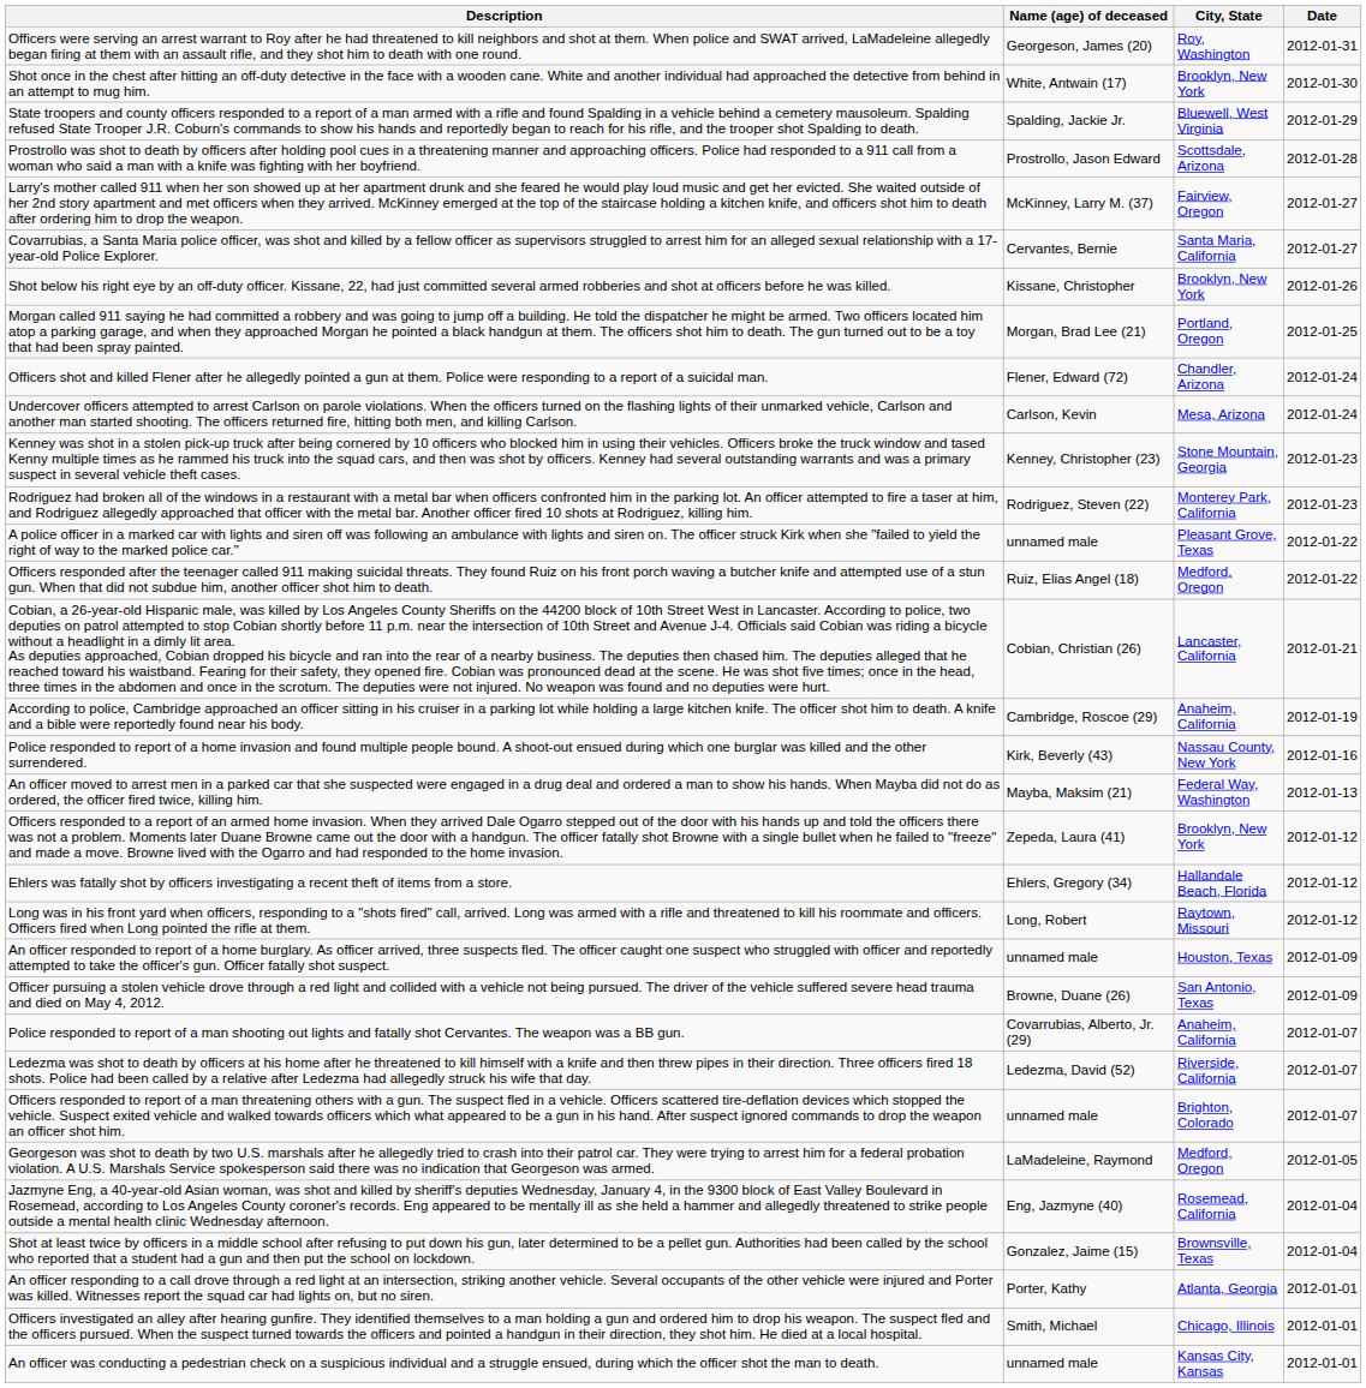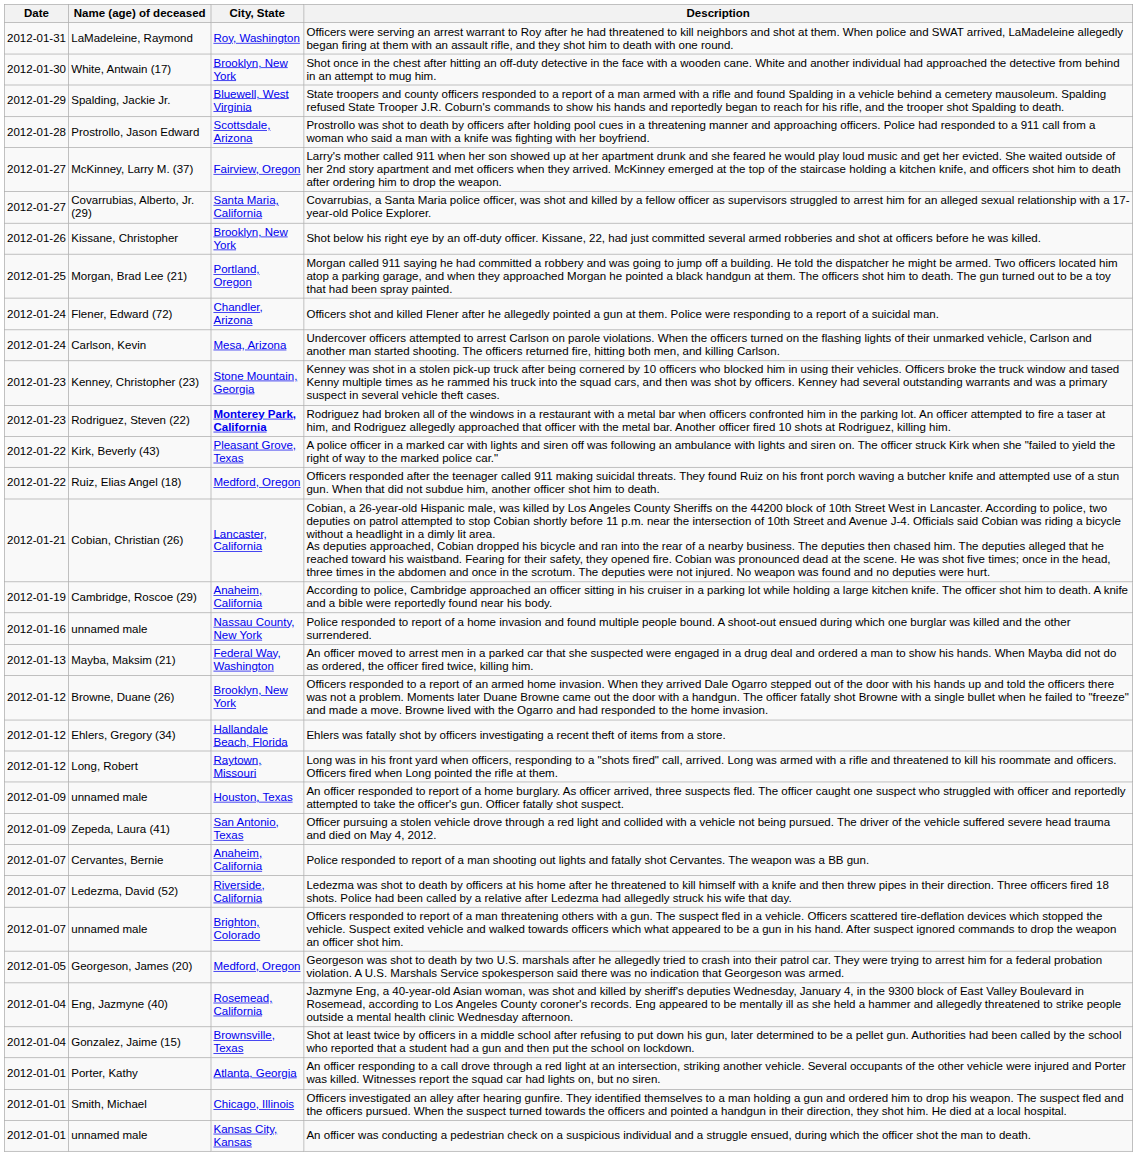 <table class="wikitable sortable" border="1" id="killed">
 <tr>
-<th>Description</th>
+<th>Date</th>
 <th nowrap>Name (age) of deceased</th>
 <th>City, State</th>
-<th>Date</th>
+<th>Description</th>
 </tr>
 <tr>
+<td>2012‑01‑31</td>
+<td>LaMadeleine, Raymond</td>
+<td><a href='#'>Roy, Washington</a></td>
 <td>Officers were serving an arrest warrant to Roy after he had threatened to kill neighbors and shot at them. When police and SWAT arrived, LaMadeleine allegedly began firing at them with an assault rifle, and they shot him to death with one round.</td>
-<td>Georgeson, James (20)</td>
-<td><a href='#'>Roy, Washington</a></td>
-<td>2012‑01‑31</td>
 </tr>
 <tr>
-<td>Shot once in the chest after hitting an off-duty detective in the face with a wooden cane. White and another individual had approached the detective from behind in an attempt to mug him.</td>
+<td>2012-01-30</td>
 <td>White, Antwain (17)</td>
 <td><a href='#'>Brooklyn, New York</a></td>
-<td>2012-01-30</td>
+<td>Shot once in the chest after hitting an off-duty detective in the face with a wooden cane. White and another individual had approached the detective from behind in an attempt to mug him.</td>
 </tr>
 <tr>
-<td>State troopers and county officers responded to a report of a man armed with a rifle and found Spalding in a vehicle behind a cemetery mausoleum. Spalding refused State Trooper J.R. Coburn's commands to show his hands and reportedly began to reach for his rifle, and the trooper shot Spalding to death.</td>
+<td>2012-01-29</td>
 <td>Spalding, Jackie Jr.</td>
 <td><a href='#'>Bluewell, West Virginia</a></td>
-<td>2012-01-29</td>
+<td>State troopers and county officers responded to a report of a man armed with a rifle and found Spalding in a vehicle behind a cemetery mausoleum. Spalding refused State Trooper J.R. Coburn's commands to show his hands and reportedly began to reach for his rifle, and the trooper shot Spalding to death.</td>
 </tr>
 <tr>
-<td>Prostrollo was shot to death by officers after holding pool cues in a threatening manner and approaching officers. Police had responded to a 911 call from a woman who said a man with a knife was fighting with her boyfriend.</td>
+<td>2012-01-28</td>
 <td>Prostrollo, Jason Edward</td>
 <td><a href='#'>Scottsdale, Arizona</a></td>
-<td>2012-01-28</td>
+<td>Prostrollo was shot to death by officers after holding pool cues in a threatening manner and approaching officers. Police had responded to a 911 call from a woman who said a man with a knife was fighting with her boyfriend.</td>
 </tr>
 <tr>
-<td>Larry's mother called 911 when her son showed up at her apartment drunk and she feared he would play loud music and get her evicted. She waited outside of her 2nd story apartment and met officers when they arrived. McKinney emerged at the top of the staircase holding a kitchen knife, and officers shot him to death after ordering him to drop the weapon.</td>
+<td>2012-01-27</td>
 <td>McKinney, Larry M. (37)</td>
 <td><a href='#'>Fairview, Oregon</a></td>
-<td>2012-01-27</td>
+<td>Larry's mother called 911 when her son showed up at her apartment drunk and she feared he would play loud music and get her evicted. She waited outside of her 2nd story apartment and met officers when they arrived. McKinney emerged at the top of the staircase holding a kitchen knife, and officers shot him to death after ordering him to drop the weapon.</td>
 </tr>
 <tr>
+<td>2012-01-27</td>
+<td>Covarrubias, Alberto, Jr. (29)</td>
+<td><a href='#'>Santa Maria, California</a></td>
 <td>Covarrubias, a Santa Maria police officer, was shot and killed by a fellow officer as supervisors struggled to arrest him for an alleged sexual relationship with a 17-year-old Police Explorer.</td>
-<td>Cervantes, Bernie</td>
-<td><a href='#'>Santa Maria, California</a></td>
-<td>2012-01-27</td>
 </tr>
 <tr>
-<td>Shot below his right eye by an off-duty officer. Kissane, 22, had just committed several armed robberies and shot at officers before he was killed.</td>
+<td>2012-01-26</td>
 <td>Kissane, Christopher</td>
 <td><a href='#'>Brooklyn, New York</a></td>
-<td>2012-01-26</td>
+<td>Shot below his right eye by an off-duty officer. Kissane, 22, had just committed several armed robberies and shot at officers before he was killed.</td>
 </tr>
 <tr>
-<td>Morgan called 911 saying he had committed a robbery and was going to jump off a building. He told the dispatcher he might be armed. Two officers located him atop a parking garage, and when they approached Morgan he pointed a black handgun at them. The officers shot him to death. The gun turned out to be a toy that had been spray painted.</td>
+<td>2012-01-25</td>
 <td>Morgan, Brad Lee (21)</td>
 <td><a href='#'>Portland, Oregon</a></td>
-<td>2012-01-25</td>
+<td>Morgan called 911 saying he had committed a robbery and was going to jump off a building. He told the dispatcher he might be armed. Two officers located him atop a parking garage, and when they approached Morgan he pointed a black handgun at them. The officers shot him to death. The gun turned out to be a toy that had been spray painted.</td>
 </tr>
 <tr>
-<td>Officers shot and killed Flener after he allegedly pointed a gun at them. Police were responding to a report of a suicidal man.</td>
+<td>2012-01-24</td>
 <td>Flener, Edward (72)</td>
 <td><a href='#'>Chandler, Arizona</a></td>
-<td>2012-01-24</td>
+<td>Officers shot and killed Flener after he allegedly pointed a gun at them. Police were responding to a report of a suicidal man.</td>
 </tr>
 <tr>
-<td>Undercover officers attempted to arrest Carlson on parole violations. When the officers turned on the flashing lights of their unmarked vehicle, Carlson and another man started shooting. The officers returned fire, hitting both men, and killing Carlson.</td>
+<td>2012-01-24</td>
 <td>Carlson, Kevin</td>
 <td><a href='#'>Mesa, Arizona</a></td>
-<td>2012-01-24</td>
+<td>Undercover officers attempted to arrest Carlson on parole violations. When the officers turned on the flashing lights of their unmarked vehicle, Carlson and another man started shooting. The officers returned fire, hitting both men, and killing Carlson.</td>
 </tr>
 <tr>
-<td>Kenney was shot in a stolen pick-up truck after being cornered by 10 officers who blocked him in using their vehicles. Officers broke the truck window and tased Kenny multiple times as he rammed his truck into the squad cars, and then was shot by officers. Kenney had several outstanding warrants and was a primary suspect in several vehicle theft cases.</td>
+<td>2012-01-23</td>
 <td>Kenney, Christopher (23)</td>
 <td><a href='#'>Stone Mountain, Georgia</a></td>
-<td>2012-01-23</td>
+<td>Kenney was shot in a stolen pick-up truck after being cornered by 10 officers who blocked him in using their vehicles. Officers broke the truck window and tased Kenny multiple times as he rammed his truck into the squad cars, and then was shot by officers. Kenney had several outstanding warrants and was a primary suspect in several vehicle theft cases.</td>
 </tr>
 <tr>
+<td>2012-01-23</td>
+<td>Rodriguez, Steven (22)</td>
+<td><strong><a href='#'>Monterey Park, California</a></strong></td>
 <td>Rodriguez had broken all of the windows in a restaurant with a metal bar when officers confronted him in the parking lot. An officer attempted to fire a taser at him, and Rodriguez allegedly approached that officer with the metal bar. Another officer fired 10 shots at Rodriguez, killing him.</td>
-<td>Rodriguez, Steven (22)</td>
-<td><a href='#'>Monterey Park, California</a></td>
-<td>2012-01-23</td>
 </tr>
 <tr>
+<td>2012-01-22</td>
+<td>Kirk, Beverly (43)</td>
+<td><a href='#'>Pleasant Grove, Texas</a></td>
 <td>A police officer in a marked car with lights and siren off was following an ambulance with lights and siren on. The officer struck Kirk when she "failed to yield the right of way to the marked police car."</td>
-<td>unnamed male</td>
-<td><a href='#'>Pleasant Grove, Texas</a></td>
-<td>2012-01-22</td>
 </tr>
 <tr>
-<td>Officers responded after the teenager called 911 making suicidal threats. They found Ruiz on his front porch waving a butcher knife and attempted use of a stun gun. When that did not subdue him, another officer shot him to death.</td>
+<td>2012-01-22</td>
 <td>Ruiz, Elias Angel (18)</td>
 <td><a href='#'>Medford, Oregon</a></td>
-<td>2012-01-22</td>
+<td>Officers responded after the teenager called 911 making suicidal threats. They found Ruiz on his front porch waving a butcher knife and attempted use of a stun gun. When that did not subdue him, another officer shot him to death.</td>
 </tr>
 <tr>
-<td>Cobian, a 26-year-old Hispanic male, was killed by Los Angeles County Sheriffs on the 44200 block of 10th Street West in Lancaster. According to police, two deputies on patrol attempted to stop Cobian shortly before 11 p.m. near the intersection of 10th Street and Avenue J-4. Officials said Cobian was riding a bicycle without a headlight in a dimly lit area.<br>As deputies approached, Cobian dropped his bicycle and ran into the rear of a nearby business. The deputies then chased him. The deputies alleged that he reached toward his waistband. Fearing for their safety, they opened fire. Cobian was pronounced dead at the scene. He was shot five times; once in the head, three times in the abdomen and once in the scrotum. The deputies were not injured. No weapon was found and no deputies were hurt.</td>
+<td>2012-01-21</td>
 <td>Cobian, Christian (26)</td>
 <td><a href='#'>Lancaster, California</a></td>
-<td>2012-01-21</td>
+<td>Cobian, a 26-year-old Hispanic male, was killed by Los Angeles County Sheriffs on the 44200 block of 10th Street West in Lancaster. According to police, two deputies on patrol attempted to stop Cobian shortly before 11 p.m. near the intersection of 10th Street and Avenue J-4. Officials said Cobian was riding a bicycle without a headlight in a dimly lit area.<br>As deputies approached, Cobian dropped his bicycle and ran into the rear of a nearby business. The deputies then chased him. The deputies alleged that he reached toward his waistband. Fearing for their safety, they opened fire. Cobian was pronounced dead at the scene. He was shot five times; once in the head, three times in the abdomen and once in the scrotum. The deputies were not injured. No weapon was found and no deputies were hurt.</td>
 </tr>
 <tr>
-<td>According to police, Cambridge approached an officer sitting in his cruiser in a parking lot while holding a large kitchen knife. The officer shot him to death. A knife and a bible were reportedly found near his body.</td>
+<td>2012-01-19</td>
 <td>Cambridge, Roscoe (29)</td>
 <td><a href='#'>Anaheim, California</a></td>
-<td>2012-01-19</td>
+<td>According to police, Cambridge approached an officer sitting in his cruiser in a parking lot while holding a large kitchen knife. The officer shot him to death. A knife and a bible were reportedly found near his body.</td>
 </tr>
 <tr>
+<td>2012-01-16</td>
+<td>unnamed male</td>
+<td><a href='#'>Nassau County, New York</a></td>
 <td>Police responded to report of a home invasion and found multiple people bound. A shoot-out ensued during which one burglar was killed and the other surrendered.</td>
-<td>Kirk, Beverly (43)</td>
-<td><a href='#'>Nassau County, New York</a></td>
-<td>2012-01-16</td>
 </tr>
 <tr>
-<td>An officer moved to arrest men in a parked car that she suspected were engaged in a drug deal and ordered a man to show his hands. When Mayba did not do as ordered, the officer fired twice, killing him.</td>
+<td>2012-01-13</td>
 <td>Mayba, Maksim (21)</td>
 <td><a href='#'>Federal Way, Washington</a></td>
-<td>2012-01-13</td>
+<td>An officer moved to arrest men in a parked car that she suspected were engaged in a drug deal and ordered a man to show his hands. When Mayba did not do as ordered, the officer fired twice, killing him.</td>
 </tr>
 <tr>
+<td>2012-01-12</td>
+<td>Browne, Duane (26)</td>
+<td><a href='#'>Brooklyn, New York</a></td>
 <td>Officers responded to a report of an armed home invasion. When they arrived Dale Ogarro stepped out of the door with his hands up and told the officers there was not a problem. Moments later Duane Browne came out the door with a handgun. The officer fatally shot Browne with a single bullet when he failed to "freeze" and made a move. Browne lived with the Ogarro and had responded to the home invasion.</td>
-<td>Zepeda, Laura (41)</td>
-<td><a href='#'>Brooklyn, New York</a></td>
-<td>2012-01-12</td>
 </tr>
 <tr>
-<td>Ehlers was fatally shot by officers investigating a recent theft of items from a store.</td>
+<td>2012-01-12</td>
 <td>Ehlers, Gregory (34)</td>
 <td><a href='#'>Hallandale Beach, Florida</a></td>
-<td>2012-01-12</td>
+<td>Ehlers was fatally shot by officers investigating a recent theft of items from a store.</td>
 </tr>
 <tr>
-<td>Long was in his front yard when officers, responding to a "shots fired" call, arrived. Long was armed with a rifle and threatened to kill his roommate and officers. Officers fired when Long pointed the rifle at them.</td>
+<td>2012-01-12</td>
 <td>Long, Robert</td>
 <td><a href='#'>Raytown, Missouri</a></td>
-<td>2012-01-12</td>
+<td>Long was in his front yard when officers, responding to a "shots fired" call, arrived. Long was armed with a rifle and threatened to kill his roommate and officers. Officers fired when Long pointed the rifle at them.</td>
 </tr>
 <tr>
-<td>An officer responded to report of a home burglary. As officer arrived, three suspects fled. The officer caught one suspect who struggled with officer and reportedly attempted to take the officer's gun. Officer fatally shot suspect.</td>
+<td>2012-01-09</td>
 <td>unnamed male</td>
 <td><a href='#'>Houston, Texas</a></td>
-<td>2012-01-09</td>
+<td>An officer responded to report of a home burglary. As officer arrived, three suspects fled. The officer caught one suspect who struggled with officer and reportedly attempted to take the officer's gun. Officer fatally shot suspect.</td>
 </tr>
 <tr>
+<td>2012-01-09</td>
+<td>Zepeda, Laura (41)</td>
+<td><a href='#'>San Antonio, Texas</a></td>
 <td>Officer pursuing a stolen vehicle drove through a red light and collided with a vehicle not being pursued. The driver of the vehicle suffered severe head trauma and died on May 4, 2012.</td>
-<td>Browne, Duane (26)</td>
-<td><a href='#'>San Antonio, Texas</a></td>
-<td>2012-01-09</td>
 </tr>
 <tr>
+<td>2012-01-07</td>
+<td>Cervantes, Bernie</td>
+<td><a href='#'>Anaheim, California</a></td>
 <td>Police responded to report of a man shooting out lights and fatally shot Cervantes. The weapon was a BB gun.</td>
-<td>Covarrubias, Alberto, Jr. (29)</td>
-<td><a href='#'>Anaheim, California</a></td>
-<td>2012-01-07</td>
 </tr>
 <tr>
-<td>Ledezma was shot to death by officers at his home after he threatened to kill himself with a knife and then threw pipes in their direction. Three officers fired 18 shots. Police had been called by a relative after Ledezma had allegedly struck his wife that day.</td>
+<td>2012-01-07</td>
 <td>Ledezma, David (52)</td>
 <td><a href='#'>Riverside, California</a></td>
-<td>2012-01-07</td>
+<td>Ledezma was shot to death by officers at his home after he threatened to kill himself with a knife and then threw pipes in their direction. Three officers fired 18 shots. Police had been called by a relative after Ledezma had allegedly struck his wife that day.</td>
 </tr>
 <tr>
-<td>Officers responded to report of a man threatening others with a gun. The suspect fled in a vehicle. Officers scattered tire-deflation devices which stopped the vehicle. Suspect exited vehicle and walked towards officers which what appeared to be a gun in his hand. After suspect ignored commands to drop the weapon an officer shot him.</td>
+<td>2012-01-07</td>
 <td>unnamed male</td>
 <td><a href='#'>Brighton, Colorado</a></td>
-<td>2012-01-07</td>
+<td>Officers responded to report of a man threatening others with a gun. The suspect fled in a vehicle. Officers scattered tire-deflation devices which stopped the vehicle. Suspect exited vehicle and walked towards officers which what appeared to be a gun in his hand. After suspect ignored commands to drop the weapon an officer shot him.</td>
 </tr>
 <tr>
+<td>2012-01-05</td>
+<td>Georgeson, James (20)</td>
+<td><a href='#'>Medford, Oregon</a></td>
 <td>Georgeson was shot to death by two U.S. marshals after he allegedly tried to crash into their patrol car. They were trying to arrest him for a federal probation violation. A U.S. Marshals Service spokesperson said there was no indication that Georgeson was armed.</td>
-<td>LaMadeleine, Raymond</td>
-<td><a href='#'>Medford, Oregon</a></td>
-<td>2012-01-05</td>
 </tr>
 <tr>
-<td>Jazmyne Eng, a 40-year-old Asian woman, was shot and killed by sheriff's deputies Wednesday, January 4, in the 9300 block of East Valley Boulevard in Rosemead, according to Los Angeles County coroner's records. Eng appeared to be mentally ill as she held a hammer and allegedly threatened to strike people outside a mental health clinic Wednesday afternoon.</td>
+<td>2012-01-04</td>
 <td>Eng, Jazmyne (40)</td>
 <td><a href='#'>Rosemead, California</a></td>
-<td>2012-01-04</td>
+<td>Jazmyne Eng, a 40-year-old Asian woman, was shot and killed by sheriff's deputies Wednesday, January 4, in the 9300 block of East Valley Boulevard in Rosemead, according to Los Angeles County coroner's records. Eng appeared to be mentally ill as she held a hammer and allegedly threatened to strike people outside a mental health clinic Wednesday afternoon.</td>
 </tr>
 <tr>
-<td>Shot at least twice by officers in a middle school after refusing to put down his gun, later determined to be a pellet gun. Authorities had been called by the school who reported that a student had a gun and then put the school on lockdown.</td>
+<td>2012-01-04</td>
 <td>Gonzalez, Jaime (15)</td>
 <td><a href='#'>Brownsville, Texas</a></td>
-<td>2012-01-04</td>
+<td>Shot at least twice by officers in a middle school after refusing to put down his gun, later determined to be a pellet gun. Authorities had been called by the school who reported that a student had a gun and then put the school on lockdown.</td>
 </tr>
 <tr>
-<td>An officer responding to a call drove through a red light at an intersection, striking another vehicle. Several occupants of the other vehicle were injured and Porter was killed. Witnesses report the squad car had lights on, but no siren.</td>
+<td>2012-01-01</td>
 <td>Porter, Kathy</td>
 <td><a href='#'>Atlanta, Georgia</a></td>
-<td>2012-01-01</td>
+<td>An officer responding to a call drove through a red light at an intersection, striking another vehicle. Several occupants of the other vehicle were injured and Porter was killed. Witnesses report the squad car had lights on, but no siren.</td>
 </tr>
 <tr>
-<td>Officers investigated an alley after hearing gunfire. They identified themselves to a man holding a gun and ordered him to drop his weapon. The suspect fled and the officers pursued. When the suspect turned towards the officers and pointed a handgun in their direction, they shot him. He died at a local hospital.</td>
+<td>2012-01-01</td>
 <td>Smith, Michael</td>
 <td><a href='#'>Chicago, Illinois</a></td>
-<td>2012-01-01</td>
+<td>Officers investigated an alley after hearing gunfire. They identified themselves to a man holding a gun and ordered him to drop his weapon. The suspect fled and the officers pursued. When the suspect turned towards the officers and pointed a handgun in their direction, they shot him. He died at a local hospital.</td>
 </tr>
 <tr>
-<td>An officer was conducting a pedestrian check on a suspicious individual and a struggle ensued, during which the officer shot the man to death.</td>
+<td>2012-01-01</td>
 <td>unnamed male</td>
 <td><a href='#'>Kansas City, Kansas</a></td>
-<td>2012-01-01</td>
+<td>An officer was conducting a pedestrian check on a suspicious individual and a struggle ensued, during which the officer shot the man to death.</td>
 </tr>
 </table>
